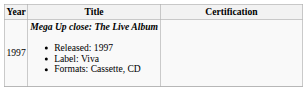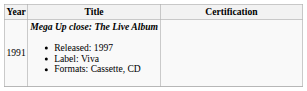 <table class="wikitable">
 <tr>
 <th>Year</th>
 <th>Title</th>
 <th width=230>Certification</th>
 </tr>
 <tr>
-<td>1997</td>
+<td>1991</td>
 <td><strong><em>Mega Up close: The Live Album</em></strong><br><ul><li>Released: 1997</li><li>Label: Viva</li><li>Formats: Cassette, CD</li></ul></td>
 <td></td>
 </tr>
 <tr>
 </tr>
 </table>
